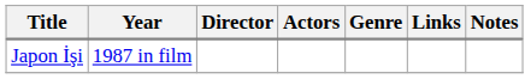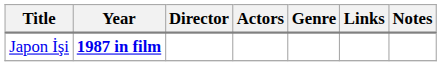 <table class="sortable wikitable" align=left border=1 cellpadding=6 cellspacing=0 style="margin: 0 0 0 1em; background: #ffffff; border: 1px #aaaaaa solid; border-collapse: collapse; text-align:left; font-size: 95%;">
 <tr style="text-align:center; background: #efefef; border-bottom:2px solid gray;">
 <th>Title</th>
 <th>Year</th>
 <th>Director</th>
 <th>Actors</th>
 <th>Genre</th>
 <th>Links</th>
 <th>Notes</th>
 </tr>
 <tr>
 <td><a href='#'>Japon İşi</a></td>
-<td><a href='#'>1987 in film</a></td>
+<td><strong><a href='#'>1987 in film</a></strong></td>
 <td></td>
 <td></td>
 <td></td>
 <td></td>
 <td></td>
 </tr>
 <tr>
 </tr>
 </table>
